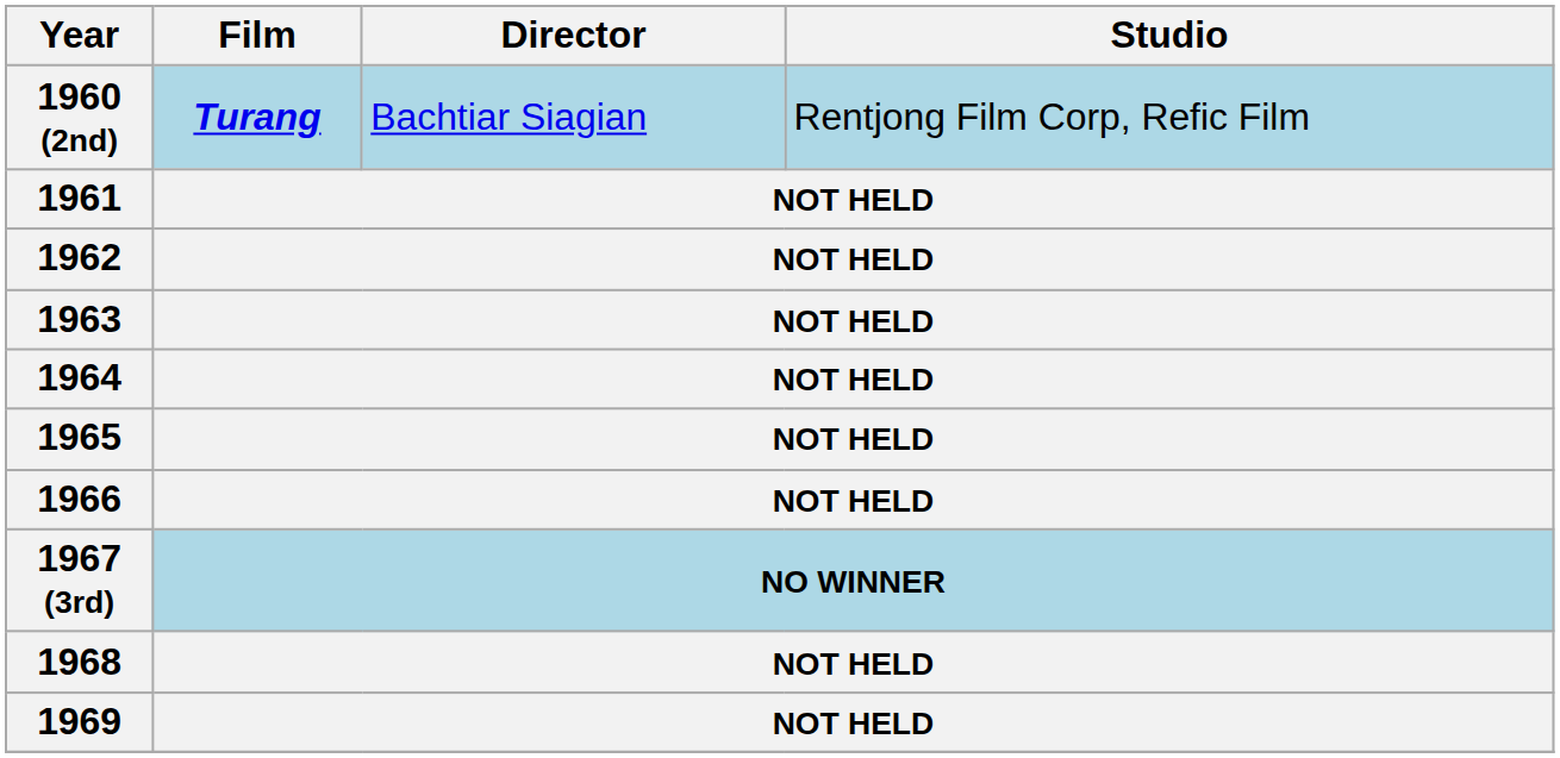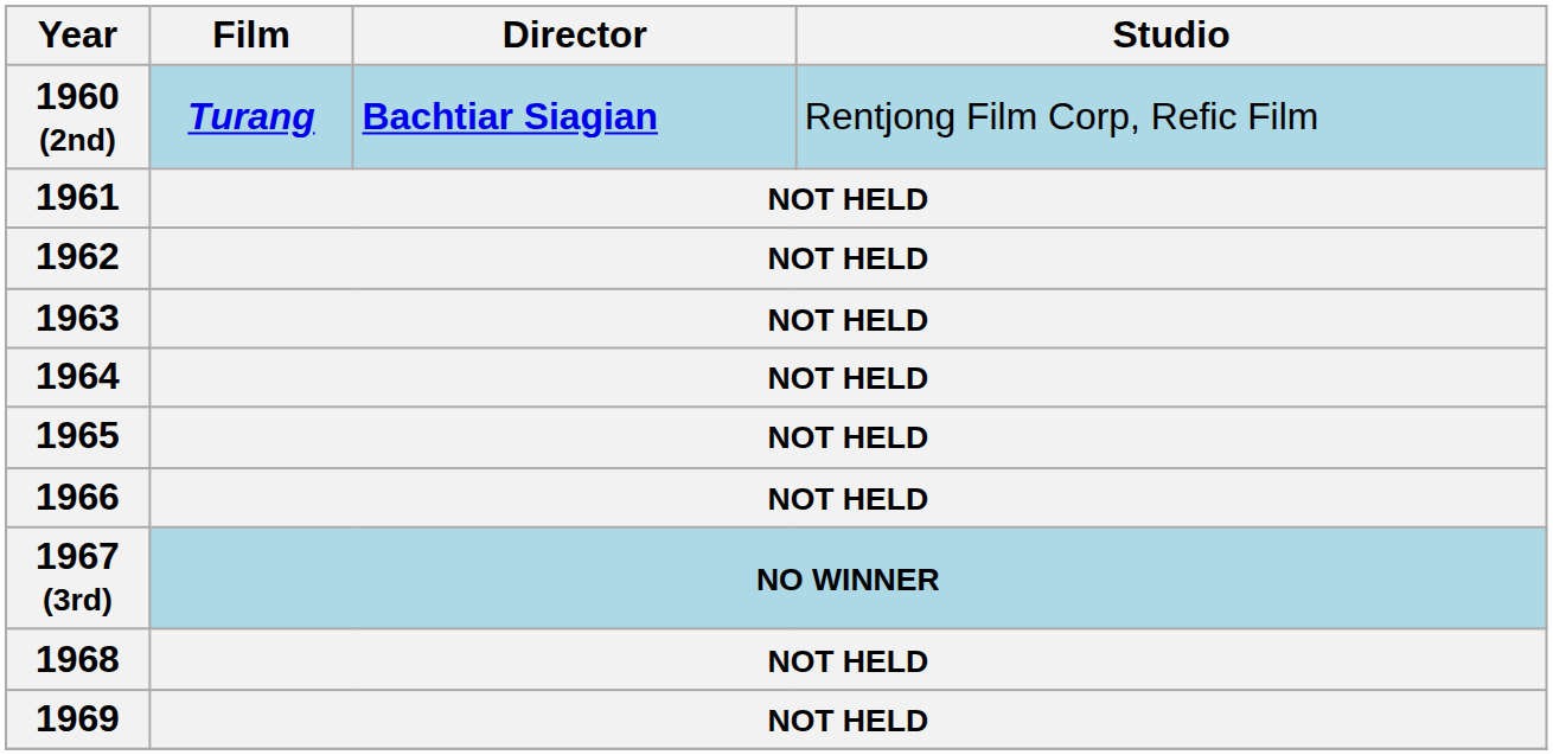 <table class="wikitable plainrowheaders sortable" style="width: 74%;">
 <tr>
 <th scope="col">Year</th>
 <th scope="col">Film</th>
 <th scope="col">Director</th>
 <th scope="col">Studio</th>
 </tr>
 <tr>
 <th scope="row" style="text-align:center;"><strong>1960</strong><br><small>(2nd)</small></th>
 <th scope="row" style="background:lightblue;"><strong><em><a href='#'>Turang</a></em></strong></th>
-<td style="background:lightblue;"><a href='#'>Bachtiar Siagian</a></td>
+<td style="background:lightblue;"><strong><a href='#'>Bachtiar Siagian</a></strong></td>
 <td style="background:lightblue;">Rentjong Film Corp, Refic Film</td>
 </tr>
 <tr>
 <th scope="row" style="text-align:center;">1961</th>
 <th colspan="3" scope="row"><small>NOT HELD</small></th>
 </tr>
 <tr>
 <th scope="row" style="text-align:center;">1962</th>
 <th colspan="3" scope="row"><small>NOT HELD</small></th>
 </tr>
 <tr>
 <th scope="row" style="text-align:center;">1963</th>
 <th colspan="3" scope="row"><small>NOT HELD</small></th>
 </tr>
 <tr>
 <th scope="row" style="text-align:center;">1964</th>
 <th colspan="3" scope="row"><small>NOT HELD</small></th>
 </tr>
 <tr>
 <th scope="row" style="text-align:center;">1965</th>
 <th colspan="3" scope="row"><small>NOT HELD</small></th>
 </tr>
 <tr>
 <th scope="row" style="text-align:center;">1966</th>
 <th colspan="3" scope="row"><small>NOT HELD</small></th>
 </tr>
 <tr>
 <th scope="row" style="text-align:center;"><strong>1967</strong><br><small>(3rd)</small></th>
 <th colspan="3" scope="row" style="background:lightblue;"><small><strong>NO WINNER</strong></small></th>
 </tr>
 <tr>
 <th scope="row" style="text-align:center;">1968</th>
 <th colspan="3" scope="row"><small>NOT HELD</small></th>
 </tr>
 <tr>
 <th scope="row" style="text-align:center;">1969</th>
 <th colspan="3" scope="row"><small>NOT HELD</small></th>
 </tr>
 <tr>
 </tr>
 </table>
